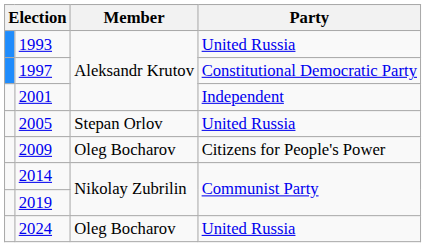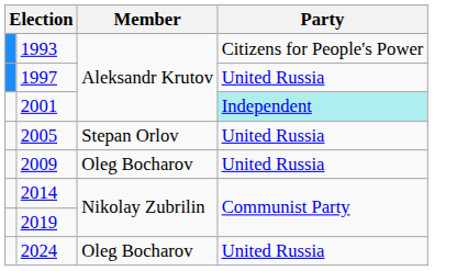 <table class="wikitable">
 <tr>
 <th colspan="2">Election</th>
 <th>Member</th>
 <th>Party</th>
 </tr>
 <tr>
 <td style="background-color:#1F8CFC"></td>
 <td><a href='#'>1993</a></td>
 <td rowspan=3>Aleksandr Krutov</td>
-<td><a href='#'>United Russia</a></td>
+<td>Citizens for People's Power</td>
 </tr>
 <tr>
 <td style="background-color:#1F8CFC"></td>
 <td><a href='#'>1997</a></td>
-<td><a href='#'>Constitutional Democratic Party</a></td>
+<td><a href='#'>United Russia</a></td>
 </tr>
 <tr>
 <td style="background-color:"></td>
 <td><a href='#'>2001</a></td>
-<td><a href='#'>Independent</a></td>
+<td style="background: paleturquoise;"><a href='#'>Independent</a></td>
 </tr>
 <tr>
 <td style="background-color:"></td>
 <td><a href='#'>2005</a></td>
 <td>Stepan Orlov</td>
 <td><a href='#'>United Russia</a></td>
 </tr>
 <tr>
 <td style="background-color:"></td>
 <td><a href='#'>2009</a></td>
 <td>Oleg Bocharov</td>
-<td>Citizens for People's Power</td>
+<td><a href='#'>United Russia</a></td>
 </tr>
 <tr>
 <td style="background-color:"></td>
 <td><a href='#'>2014</a></td>
 <td rowspan=2>Nikolay Zubrilin</td>
 <td rowspan=2><a href='#'>Communist Party</a></td>
 </tr>
 <tr>
 <td style="background-color:"></td>
 <td><a href='#'>2019</a></td>
 </tr>
 <tr>
 <td style="background-color:"></td>
 <td><a href='#'>2024</a></td>
 <td>Oleg Bocharov</td>
 <td><a href='#'>United Russia</a></td>
 </tr>
 </table>
